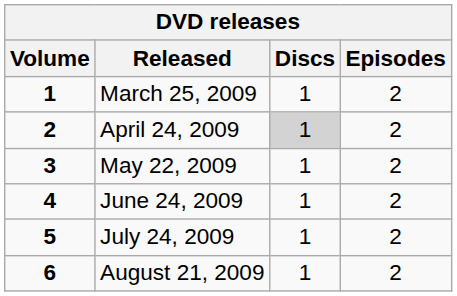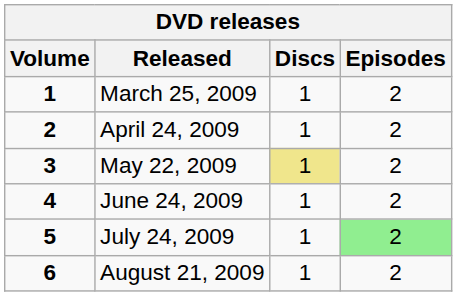 <table class="wikitable">
 <tr>
 <th colspan="9"><strong>DVD releases</strong></th>
 </tr>
 <tr>
 <th><strong>Volume</strong></th>
 <th><strong>Released</strong></th>
 <th><strong>Discs</strong></th>
 <th><strong>Episodes</strong></th>
 </tr>
 <tr>
 <td align=center><strong>1</strong></td>
 <td>March 25, 2009</td>
 <td align=center>1</td>
 <td align=center>2</td>
 </tr>
 <tr>
 <td align=center><strong>2</strong></td>
 <td>April 24, 2009</td>
-<td align=center style="background: lightgrey;">1</td>
+<td align=center>1</td>
 <td align=center>2</td>
 </tr>
 <tr>
 <td align=center><strong>3</strong></td>
 <td>May 22, 2009</td>
-<td align=center>1</td>
+<td align=center style="background: khaki;">1</td>
 <td align=center>2</td>
 </tr>
 <tr>
 <td align=center><strong>4</strong></td>
 <td>June 24, 2009</td>
 <td align=center>1</td>
 <td align=center>2</td>
 </tr>
 <tr>
 <td align=center><strong>5</strong></td>
 <td>July 24, 2009</td>
 <td align=center>1</td>
-<td align=center>2</td>
+<td align=center style="background: lightgreen;">2</td>
 </tr>
 <tr>
 <td align=center><strong>6</strong></td>
 <td>August 21, 2009</td>
 <td align=center>1</td>
 <td align=center>2</td>
 </tr>
 </table>
